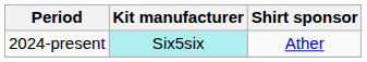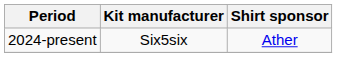 <table class="wikitable" style="text-align:center;float:center">
 <tr>
 <th>Period</th>
 <th>Kit manufacturer</th>
 <th>Shirt sponsor</th>
 </tr>
 <tr>
 <td>2024-present</td>
-<td style="background: paleturquoise;">Six5six</td>
+<td>Six5six</td>
 <td><a href='#'>Ather</a></td>
 </tr>
 <tr>
 </tr>
 </table>
